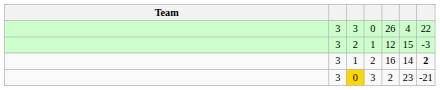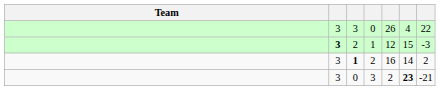 <table class=wikitable style="text-align:center">
 <tr>
 <th width=500>Team</th>
 <th width=20></th>
 <th width=20></th>
 <th width=20></th>
 <th width=20></th>
 <th width=20></th>
 <th width=20></th>
 </tr>
 <tr bgcolor=ccffcc>
 <td style="text-align:left"></td>
 <td>3</td>
 <td>3</td>
 <td>0</td>
 <td>26</td>
 <td>4</td>
 <td>22</td>
 </tr>
 <tr bgcolor=ccffcc>
 <td style="text-align:left"></td>
-<td>3</td>
+<td><strong>3</strong></td>
 <td>2</td>
 <td>1</td>
 <td>12</td>
 <td>15</td>
 <td>-3</td>
 </tr>
 <tr>
 <td style="text-align:left"></td>
 <td>3</td>
-<td>1</td>
+<td><strong>1</strong></td>
 <td>2</td>
 <td>16</td>
 <td>14</td>
-<td><strong>2</strong></td>
+<td>2</td>
 </tr>
 <tr>
 <td style="text-align:left"></td>
 <td>3</td>
-<td style="background: gold;">0</td>
+<td>0</td>
 <td>3</td>
 <td>2</td>
-<td>23</td>
+<td><strong>23</strong></td>
 <td>-21</td>
 </tr>
 </table>
